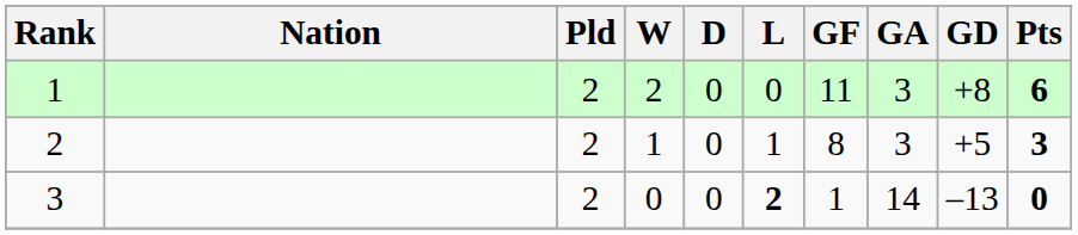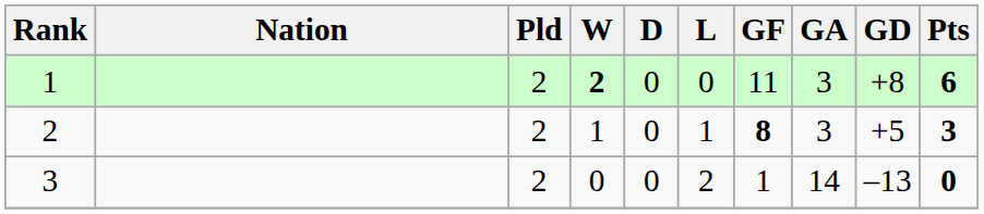 <table class="wikitable" style="text-align: center;">
 <tr>
 <th width=5>Rank</th>
 <th width=200>Nation</th>
 <th width=20>Pld</th>
 <th width=20>W</th>
 <th width=20>D</th>
 <th width=20>L</th>
 <th width=20>GF</th>
 <th width=20>GA</th>
 <th width=25>GD</th>
 <th width=20>Pts</th>
 </tr>
 <tr style="background:#ccffcc">
 <td>1</td>
 <td style="text-align:left"></td>
 <td>2</td>
-<td>2</td>
+<td><strong>2</strong></td>
 <td>0</td>
 <td>0</td>
 <td>11</td>
 <td>3</td>
 <td>+8</td>
 <td><strong>6</strong></td>
 </tr>
 <tr>
 <td>2</td>
 <td style="text-align:left"></td>
 <td>2</td>
 <td>1</td>
 <td>0</td>
 <td>1</td>
-<td>8</td>
+<td><strong>8</strong></td>
 <td>3</td>
 <td>+5</td>
 <td><strong>3</strong></td>
 </tr>
 <tr>
 <td>3</td>
 <td style="text-align:left"></td>
 <td>2</td>
 <td>0</td>
 <td>0</td>
-<td><strong>2</strong></td>
+<td>2</td>
 <td>1</td>
 <td>14</td>
 <td>–13</td>
 <td><strong>0</strong></td>
 </tr>
 <tr>
 </tr>
 </table>
